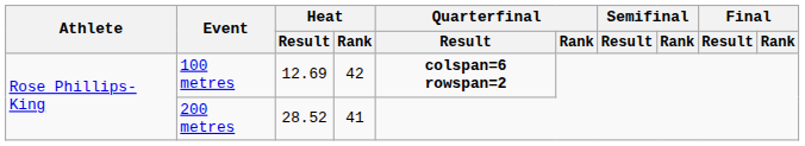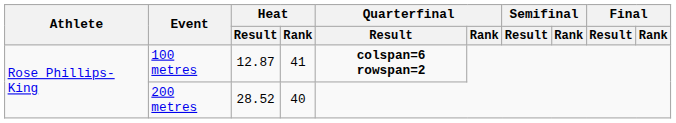 <table class=wikitable style=font-size:90%>
 <tr>
 <th rowspan=2>Athlete</th>
 <th rowspan=2>Event</th>
 <th colspan=2>Heat</th>
 <th colspan=2>Quarterfinal</th>
 <th colspan=2>Semifinal</th>
 <th colspan=2>Final</th>
 </tr>
 <tr style=font-size:95%>
 <th>Result</th>
 <th>Rank</th>
 <th>Result</th>
 <th>Rank</th>
 <th>Result</th>
 <th>Rank</th>
 <th>Result</th>
 <th>Rank</th>
 </tr>
 <tr align=center>
 <td align=left rowspan=2><a href='#'>Rose Phillips-King</a></td>
 <td align=left><a href='#'>100 metres</a></td>
-<td>12.69</td>
-<td>42</td>
+<td>12.87</td>
+<td>41</td>
 <td><strong>colspan=6 rowspan=2 </strong></td>
 </tr>
 <tr align=center>
 <td align=left><a href='#'>200 metres</a></td>
 <td>28.52</td>
-<td>41</td>
+<td>40</td>
 </tr>
 </table>
